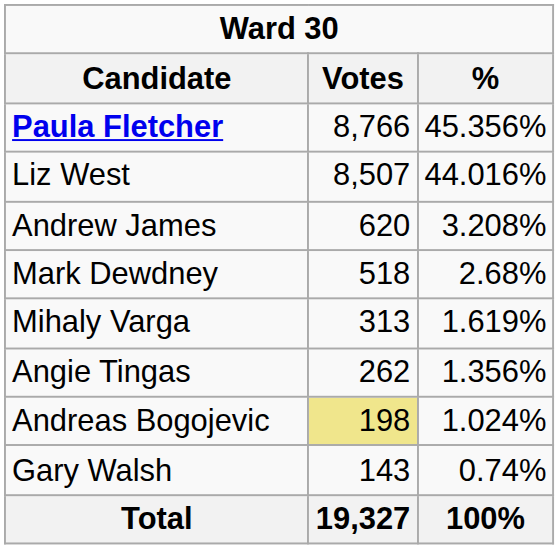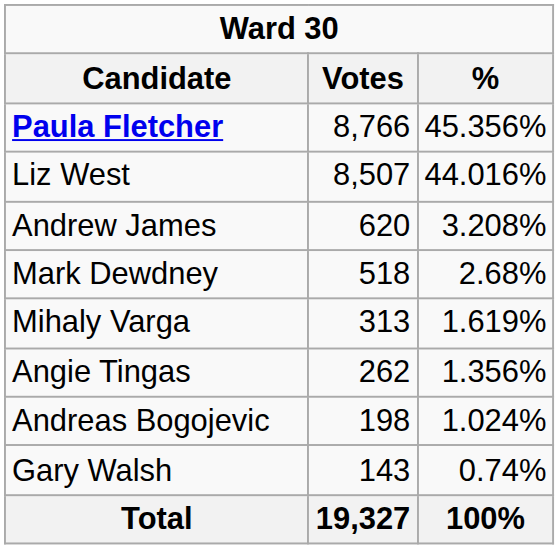 <table class="wikitable">
 <tr>
 <td Colspan="3" align="center"><strong>Ward 30</strong></td>
 </tr>
 <tr>
 <th bgcolor="#DDDDFF" width="150px">Candidate</th>
 <th bgcolor="#DDDDFF">Votes</th>
 <th bgcolor="#DDDDFF">%</th>
 </tr>
 <tr>
 <td><strong><a href='#'>Paula Fletcher</a></strong></td>
 <td align=right>8,766</td>
 <td align=right>45.356%</td>
 </tr>
 <tr>
 <td>Liz West</td>
 <td align=right>8,507</td>
 <td align=right>44.016%</td>
 </tr>
 <tr>
 <td>Andrew James</td>
 <td align=right>620</td>
 <td align=right>3.208%</td>
 </tr>
 <tr>
 <td>Mark Dewdney</td>
 <td align=right>518</td>
 <td align=right>2.68%</td>
 </tr>
 <tr>
 <td>Mihaly Varga</td>
 <td align=right>313</td>
 <td align=right>1.619%</td>
 </tr>
 <tr>
 <td>Angie Tingas</td>
 <td align=right>262</td>
 <td align=right>1.356%</td>
 </tr>
 <tr>
 <td>Andreas Bogojevic</td>
-<td align=right style="background: khaki;">198</td>
+<td align=right>198</td>
 <td align=right>1.024%</td>
 </tr>
 <tr>
 <td>Gary Walsh</td>
 <td align=right>143</td>
 <td align=right>0.74%</td>
 </tr>
 <tr>
 <th>Total</th>
 <th align=right>19,327</th>
 <th align=right>100%</th>
 </tr>
 </table>
